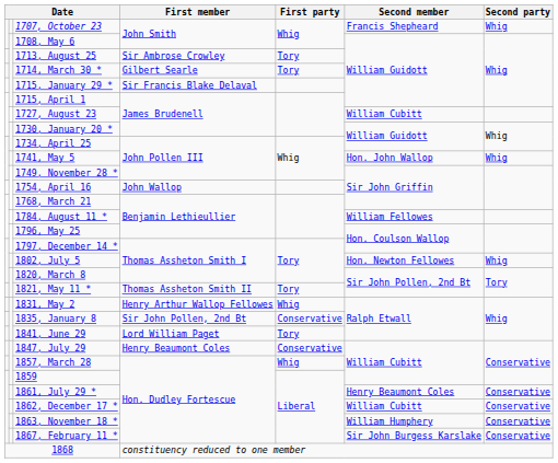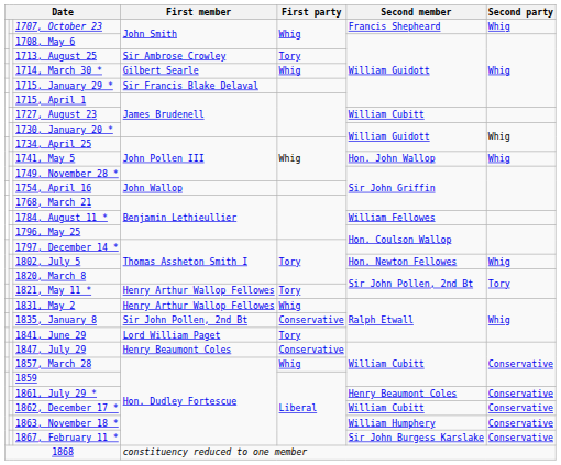 <table class="wikitable">
 <tr>
 <th colspan="3">Date</th>
 <th>First member</th>
 <th>First party</th>
 <th>Second member</th>
 <th>Second party</th>
 </tr>
 <tr>
 <td rowspan="2" style="color:inherit;background-color: "></td>
 <td style="color:inherit;background-color: "></td>
 <td><a href='#'><em>1707, October 23</em></a></td>
 <td rowspan="2"><a href='#'>John Smith</a> </td>
 <td rowspan="2"><a href='#'>Whig</a></td>
 <td><a href='#'>Francis Shepheard</a> </td>
 <td><a href='#'>Whig</a></td>
 </tr>
 <tr>
 <td rowspan="5" style="color:inherit;background-color: "></td>
 <td><a href='#'>1708, May 6</a></td>
 <td rowspan="5"><a href='#'>William Guidott</a> </td>
 <td rowspan="5"><a href='#'>Whig</a></td>
 </tr>
 <tr>
 <td style="color:inherit;background-color: "></td>
 <td><a href='#'>1713, August 25</a></td>
 <td><a href='#'>Sir Ambrose Crowley</a> </td>
 <td><a href='#'>Tory</a></td>
 </tr>
 <tr>
 <td style="color:inherit;background-color: "></td>
 <td><a href='#'>1714, March 30 *</a></td>
 <td><a href='#'>Gilbert Searle</a> </td>
-<td><a href='#'>Tory</a></td>
+<td><a href='#'>Whig</a></td>
 </tr>
 <tr>
 <td style="color:inherit;background-color: white"></td>
 <td><a href='#'>1715, January 29 *</a></td>
 <td><a href='#'>Sir Francis Blake Delaval</a> </td>
 <td></td>
 </tr>
 <tr>
 <td rowspan="3" style="color:inherit;background-color: white"></td>
 <td><a href='#'>1715, April 1</a></td>
 <td rowspan="3"><a href='#'>James Brudenell</a> </td>
 <td rowspan="3"></td>
 </tr>
 <tr>
 <td style="color:inherit;background-color: white"></td>
 <td><a href='#'>1727, August 23</a></td>
 <td><a href='#'>William Cubitt</a> </td>
 <td></td>
 </tr>
 <tr>
 <td rowspan="2" style="color:inherit;background-color: "></td>
 <td><a href='#'>1730, January 20 *</a></td>
 <td rowspan="2"><a href='#'>William Guidott</a> </td>
 <td rowspan="2">Whig</td>
 </tr>
 <tr>
 <td rowspan="3" style="color:inherit;background-color: "></td>
 <td><a href='#'>1734, April 25</a></td>
 <td rowspan="3"><a href='#'>John Pollen III</a> </td>
 <td rowspan="3">Whig</td>
 </tr>
 <tr>
 <td style="color:inherit;background-color: "></td>
 <td><a href='#'>1741, May 5</a></td>
 <td><a href='#'>Hon. John Wallop</a> </td>
 <td><a href='#'>Whig</a></td>
 </tr>
 <tr>
 <td rowspan="3" style="color:inherit;background-color: white"></td>
 <td><a href='#'>1749, November 28 *</a></td>
 <td rowspan="3"><a href='#'>Sir John Griffin</a> </td>
 <td rowspan="3"></td>
 </tr>
 <tr>
 <td style="color:inherit;background-color: white"></td>
 <td><a href='#'>1754, April 16</a></td>
 <td><a href='#'>John Wallop</a> </td>
 <td></td>
 </tr>
 <tr>
 <td rowspan="3" style="color:inherit;background-color: white"></td>
 <td><a href='#'>1768, March 21</a></td>
 <td rowspan="3"><a href='#'>Benjamin Lethieullier</a> </td>
 <td rowspan="3"></td>
 </tr>
 <tr>
 <td style="color:inherit;background-color: white"></td>
 <td><a href='#'>1784, August 11 *</a></td>
 <td><a href='#'>William Fellowes</a> </td>
 <td></td>
 </tr>
 <tr>
 <td rowspan="2" style="color:inherit;background-color: white"></td>
 <td><a href='#'>1796, May 25</a></td>
 <td rowspan="2"><a href='#'>Hon. Coulson Wallop</a> </td>
 <td rowspan="2"></td>
 </tr>
 <tr>
 <td rowspan="3" style="color:inherit;background-color: "></td>
 <td><a href='#'>1797, December 14 *</a></td>
 <td rowspan="3"><a href='#'>Thomas Assheton Smith I</a> </td>
 <td rowspan="3"><a href='#'>Tory</a></td>
 </tr>
 <tr>
 <td style="color:inherit;background-color: "></td>
 <td><a href='#'>1802, July 5</a></td>
 <td><a href='#'>Hon. Newton Fellowes</a> </td>
 <td><a href='#'>Whig</a></td>
 </tr>
 <tr>
 <td rowspan="2" style="color:inherit;background-color: "></td>
 <td><a href='#'>1820, March 8</a></td>
 <td rowspan="2"><a href='#'>Sir John Pollen, 2nd Bt</a> </td>
 <td rowspan="2"><a href='#'>Tory</a></td>
 </tr>
 <tr>
 <td style="color:inherit;background-color: "></td>
 <td><a href='#'>1821, May 11 *</a></td>
-<td><a href='#'>Thomas Assheton Smith II</a> </td>
+<td><a href='#'>Henry Arthur Wallop Fellowes</a> </td>
 <td><a href='#'>Tory</a></td>
 </tr>
 <tr>
 <td style="color:inherit;background-color: "></td>
 <td rowspan="3" style="color:inherit;background-color: "></td>
 <td><a href='#'>1831, May 2</a></td>
 <td><a href='#'>Henry Arthur Wallop Fellowes</a> </td>
 <td><a href='#'>Whig</a></td>
 <td rowspan="3"><a href='#'>Ralph Etwall</a> </td>
 <td rowspan="3"><a href='#'>Whig</a></td>
 </tr>
 <tr>
 <td style="color:inherit;background-color: "></td>
 <td><a href='#'>1835, January 8</a></td>
 <td><a href='#'>Sir John Pollen, 2nd Bt</a></td>
 <td><a href='#'>Conservative</a></td>
 </tr>
 <tr>
 <td style="color:inherit;background-color: "></td>
 <td><a href='#'>1841, June 29</a></td>
 <td><a href='#'>Lord William Paget</a> </td>
 <td><a href='#'>Tory</a></td>
 </tr>
 <tr>
 <td style="color:inherit;background-color: "></td>
 <td rowspan="3" style="color:inherit;background-color: "></td>
 <td><a href='#'>1847, July 29</a></td>
 <td><a href='#'>Henry Beaumont Coles</a> </td>
 <td><a href='#'>Conservative</a></td>
 <td rowspan="3"><a href='#'>William Cubitt</a> </td>
 <td rowspan="3"><a href='#'>Conservative</a></td>
 </tr>
 <tr>
 <td rowspan="1" style="color:inherit;background-color: "></td>
 <td><a href='#'>1857, March 28</a></td>
 <td rowspan="6"><a href='#'>Hon. Dudley Fortescue</a> </td>
 <td rowspan="1"><a href='#'>Whig</a></td>
 </tr>
 <tr>
 <td rowspan="5" style="color:inherit;background-color: "></td>
 <td><a href='#'>1859</a></td>
 <td rowspan="5"><a href='#'>Liberal</a></td>
 </tr>
 <tr>
 <td style="color:inherit;background-color: "></td>
 <td><a href='#'>1861, July 29 *</a></td>
 <td><a href='#'>Henry Beaumont Coles</a> </td>
 <td><a href='#'>Conservative</a></td>
 </tr>
 <tr>
 <td style="color:inherit;background-color: "></td>
 <td><a href='#'>1862, December 17 *</a></td>
 <td><a href='#'>William Cubitt</a> </td>
 <td><a href='#'>Conservative</a></td>
 </tr>
 <tr>
 <td style="color:inherit;background-color: "></td>
 <td><a href='#'>1863, November 18 *</a></td>
 <td><a href='#'>William Humphery</a> </td>
 <td><a href='#'>Conservative</a></td>
 </tr>
 <tr>
 <td style="color:inherit;background-color: "></td>
 <td><a href='#'>1867, February 11 *</a></td>
 <td><a href='#'>Sir John Burgess Karslake</a> </td>
 <td><a href='#'>Conservative</a></td>
 </tr>
 <tr>
 <td colspan="3" align="center"><a href='#'>1868</a></td>
 <td colspan="4"><em>constituency reduced to one member</em></td>
 </tr>
 </table>
